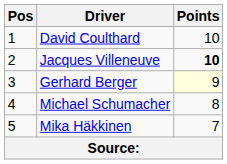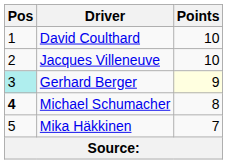 <table class="wikitable" style="font-size: 95%;">
 <tr>
 <th>Pos</th>
 <th>Driver</th>
 <th>Points</th>
 </tr>
 <tr>
 <td>1</td>
 <td> <a href='#'>David Coulthard</a></td>
 <td align="right">10</td>
 </tr>
 <tr>
 <td>2</td>
 <td> <a href='#'>Jacques Villeneuve</a></td>
-<td align="right"><strong>10</strong></td>
+<td align="right">10</td>
 </tr>
 <tr>
-<td>3</td>
+<td style="background: paleturquoise;">3</td>
 <td> <a href='#'>Gerhard Berger</a></td>
 <td align="right" style="background: lightyellow;">9</td>
 </tr>
 <tr>
-<td>4</td>
+<td><strong>4</strong></td>
 <td> <a href='#'>Michael Schumacher</a></td>
 <td align="right">8</td>
 </tr>
 <tr>
 <td>5</td>
 <td> <a href='#'>Mika Häkkinen</a></td>
 <td align="right">7</td>
 </tr>
 <tr>
 <th colspan=4>Source:</th>
 </tr>
 </table>
